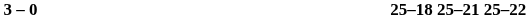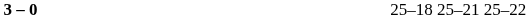 <table width=100% cellspacing=1>
 <tr>
 <th width=20%></th>
 <th width=12%></th>
 <th width=20%></th>
 <th width=33%></th>
 <td></td>
 </tr>
 <tr style=font-size:95%>
 <td align=right><strong></strong></td>
 <td align=center><strong>3 – 0</strong></td>
 <td></td>
-<td><strong>25–18 25–21 25–22</strong></td>
+<td>25–18 25–21 25–22</td>
 </tr>
 </table>
